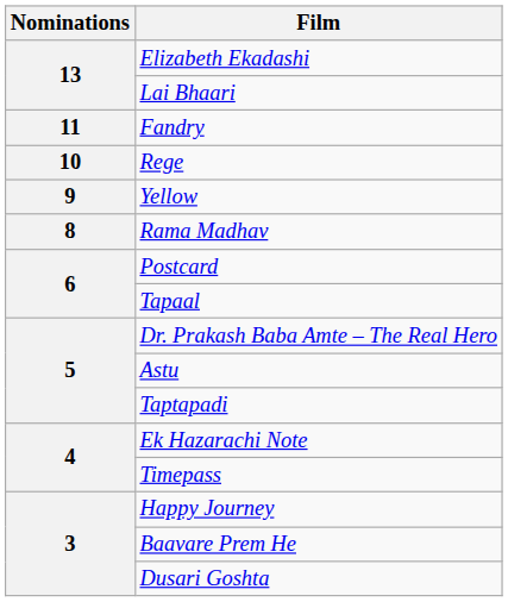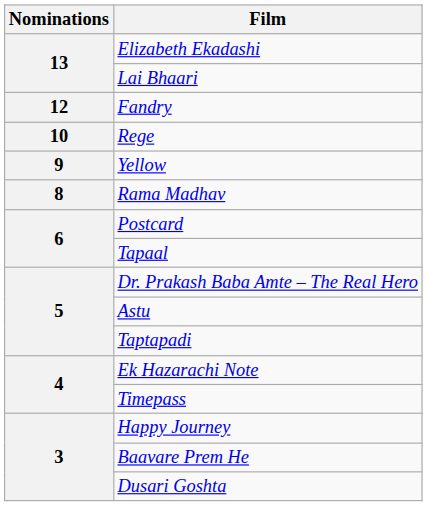 <table class="wikitable" style="display:inline-table;">
 <tr>
 <th>Nominations</th>
 <th>Film</th>
 </tr>
 <tr>
 <th rowspan="2">13</th>
 <td><em><a href='#'>Elizabeth Ekadashi</a></em></td>
 </tr>
 <tr>
 <td><em><a href='#'>Lai Bhaari</a></em></td>
 </tr>
 <tr>
-<th>11</th>
+<th>12</th>
 <td><em><a href='#'>Fandry</a></em></td>
 </tr>
 <tr>
 <th>10</th>
 <td><em><a href='#'>Rege</a></em></td>
 </tr>
 <tr>
 <th>9</th>
 <td><em><a href='#'>Yellow</a></em></td>
 </tr>
 <tr>
 <th>8</th>
 <td><em><a href='#'>Rama Madhav</a></em></td>
 </tr>
 <tr>
 <th rowspan="2">6</th>
 <td><em><a href='#'>Postcard</a></em></td>
 </tr>
 <tr>
 <td><em><a href='#'>Tapaal</a></em></td>
 </tr>
 <tr>
 <th rowspan="3">5</th>
 <td><em><a href='#'>Dr. Prakash Baba Amte – The Real Hero</a></em></td>
 </tr>
 <tr>
 <td><em><a href='#'>Astu</a></em></td>
 </tr>
 <tr>
 <td><em><a href='#'>Taptapadi</a></em></td>
 </tr>
 <tr>
 <th rowspan="2">4</th>
 <td><em><a href='#'>Ek Hazarachi Note</a></em></td>
 </tr>
 <tr>
 <td><em><a href='#'>Timepass</a></em></td>
 </tr>
 <tr>
 <th rowspan="3">3</th>
 <td><em><a href='#'>Happy Journey</a></em></td>
 </tr>
 <tr>
 <td><em><a href='#'>Baavare Prem He</a></em></td>
 </tr>
 <tr>
 <td><em><a href='#'>Dusari Goshta</a></em></td>
 </tr>
 </table>
